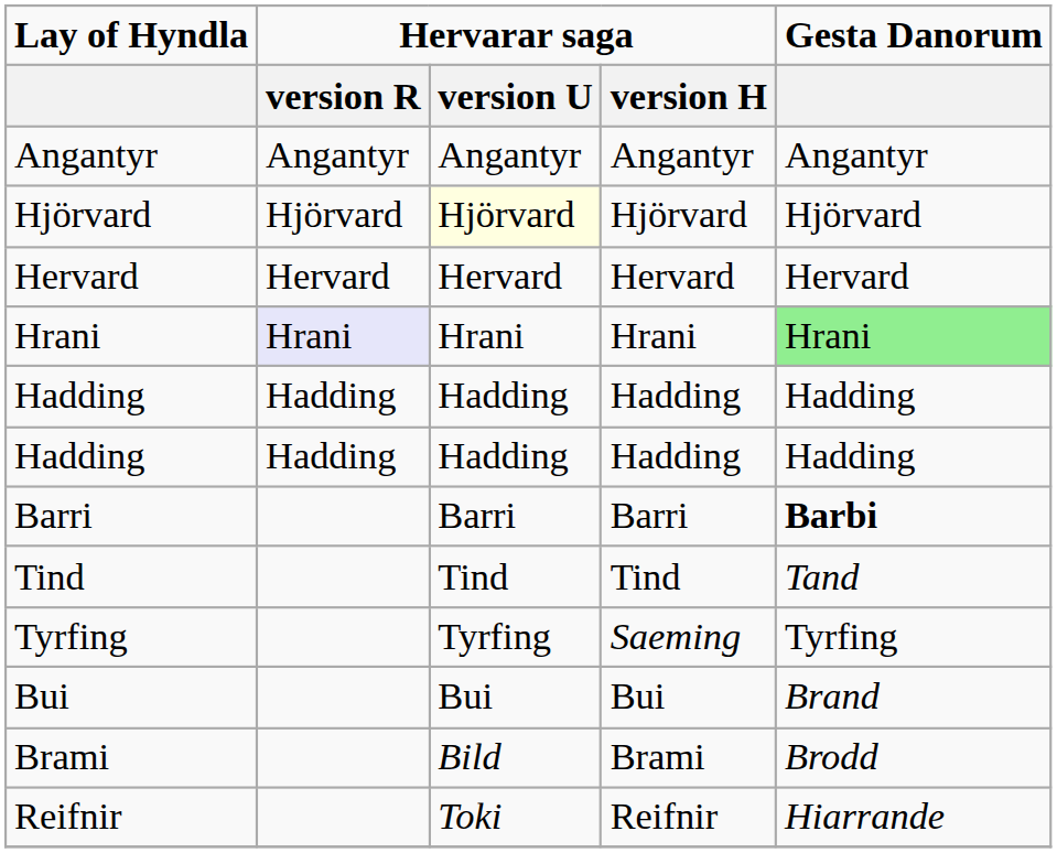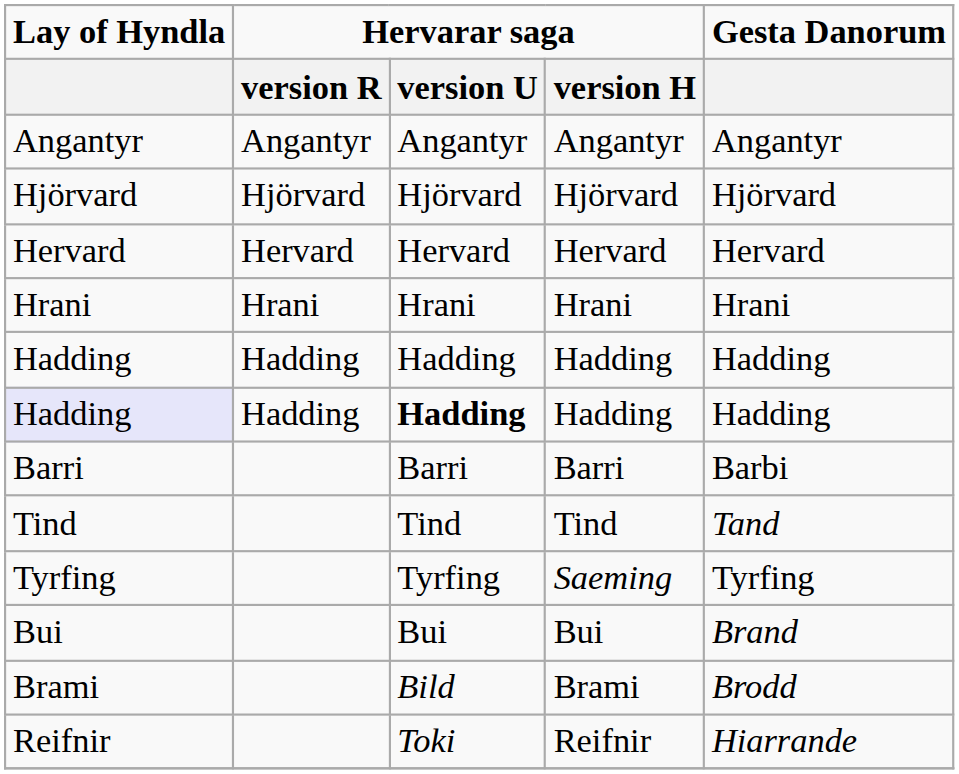 <table class="wikitable">
 <tr>
 <td align=center><strong>Lay of Hyndla</strong></td>
 <td colspan=3 align=center><strong>Hervarar saga</strong></td>
 <td colspan=3 align=center><strong>Gesta Danorum</strong></td>
 </tr>
 <tr>
 <th></th>
 <th>version R</th>
 <th>version U</th>
 <th>version H</th>
 <th></th>
 </tr>
 <tr>
 <td>Angantyr</td>
 <td>Angantyr</td>
 <td>Angantyr</td>
 <td>Angantyr</td>
 <td>Angantyr</td>
 </tr>
 <tr>
 <td>Hjörvard</td>
 <td>Hjörvard</td>
-<td style="background: lightyellow;">Hjörvard</td>
+<td>Hjörvard</td>
 <td>Hjörvard</td>
 <td>Hjörvard</td>
 </tr>
 <tr>
 <td>Hervard</td>
 <td>Hervard</td>
 <td>Hervard</td>
 <td>Hervard</td>
 <td>Hervard</td>
 </tr>
 <tr>
 <td>Hrani</td>
-<td style="background: lavender;">Hrani</td>
 <td>Hrani</td>
 <td>Hrani</td>
-<td style="background: lightgreen;">Hrani</td>
+<td>Hrani</td>
+<td>Hrani</td>
 </tr>
 <tr>
 <td>Hadding</td>
 <td>Hadding</td>
 <td>Hadding</td>
 <td>Hadding</td>
 <td>Hadding</td>
 </tr>
 <tr>
+<td style="background: lavender;">Hadding</td>
 <td>Hadding</td>
-<td>Hadding</td>
-<td>Hadding</td>
+<td><strong>Hadding</strong></td>
 <td>Hadding</td>
 <td>Hadding</td>
 </tr>
 <tr>
 <td>Barri</td>
 <td></td>
 <td>Barri</td>
 <td>Barri</td>
-<td><strong>Barbi</strong></td>
+<td>Barbi</td>
 </tr>
 <tr>
 <td>Tind</td>
 <td></td>
 <td>Tind</td>
 <td>Tind</td>
 <td><em>Tand</em></td>
 </tr>
 <tr>
 <td>Tyrfing</td>
 <td></td>
 <td>Tyrfing</td>
 <td><em>Saeming</em></td>
 <td>Tyrfing</td>
 </tr>
 <tr>
 <td>Bui</td>
 <td></td>
 <td>Bui</td>
 <td>Bui</td>
 <td><em>Brand</em></td>
 </tr>
 <tr>
 <td>Brami</td>
 <td></td>
 <td><em>Bild</em></td>
 <td>Brami</td>
 <td><em>Brodd</em></td>
 </tr>
 <tr>
 <td>Reifnir</td>
 <td></td>
 <td><em>Toki</em></td>
 <td>Reifnir</td>
 <td><em>Hiarrande</em></td>
 </tr>
 <tr>
 </tr>
 </table>
